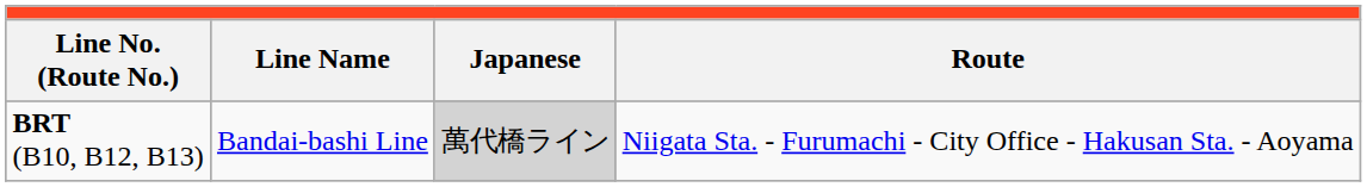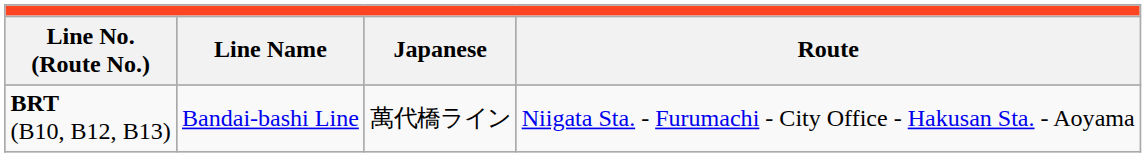 <table class=wikitable style="font-size: 90%;" |>
 <tr bgcolor="ff4422">
 <td colspan=4><strong></strong></td>
 </tr>
 <tr>
 <th>Line No.<br>(Route No.)</th>
 <th>Line Name</th>
 <th>Japanese</th>
 <th>Route</th>
 </tr>
 <tr>
 <td><strong>BRT</strong><br>(B10, B12, B13)</td>
 <td><a href='#'>Bandai-bashi Line</a></td>
-<td style="background: lightgrey;">萬代橋ライン</td>
+<td>萬代橋ライン</td>
 <td><a href='#'>Niigata Sta.</a> - <a href='#'>Furumachi</a> - City Office - <a href='#'>Hakusan Sta.</a> - Aoyama</td>
 </tr>
 </table>
